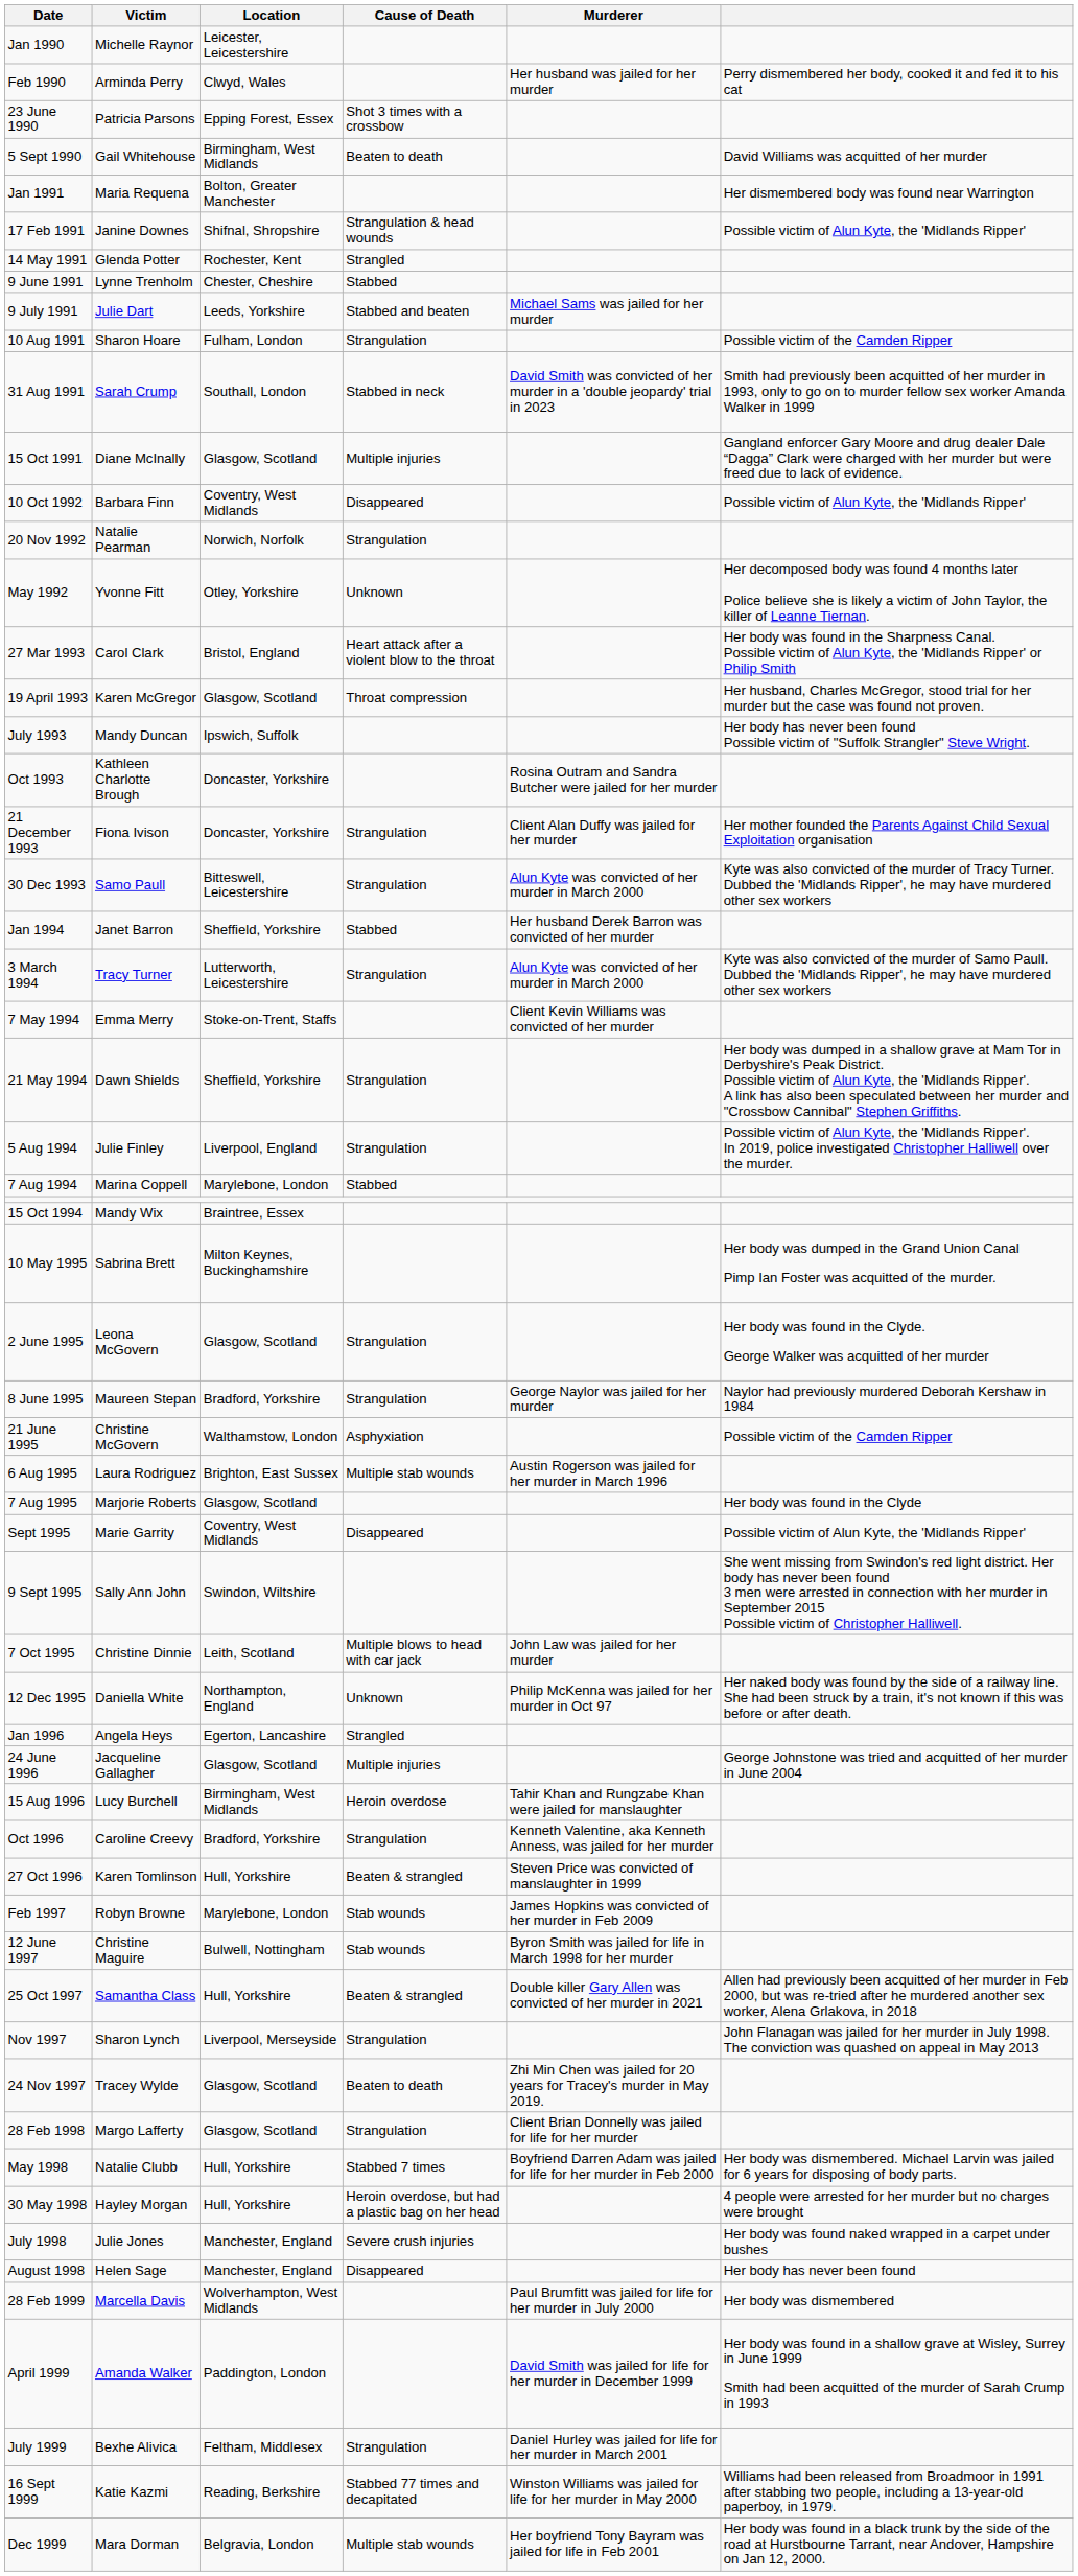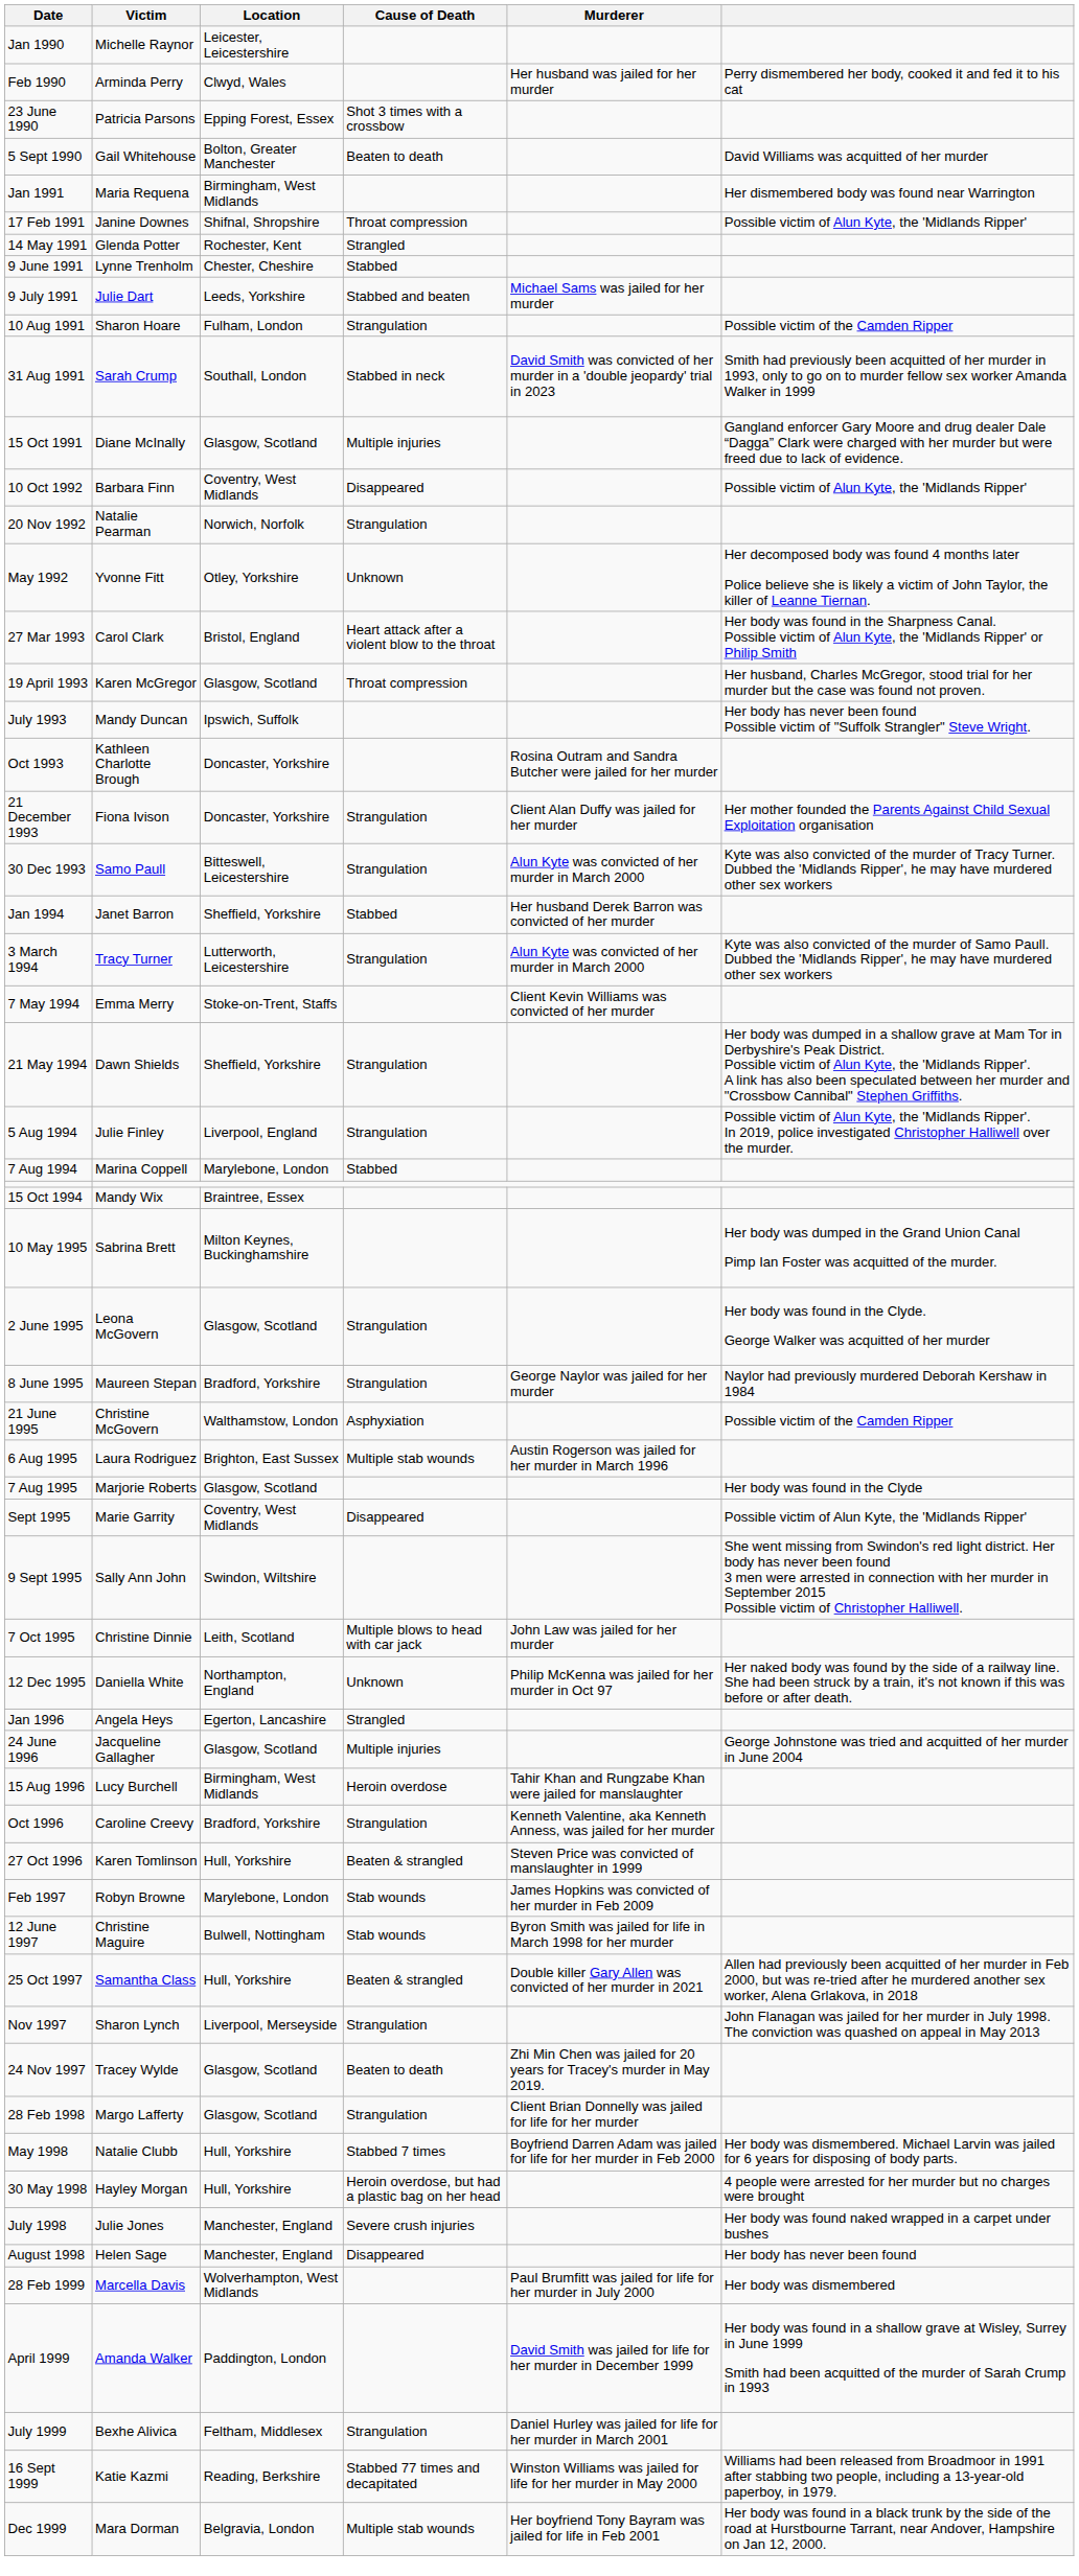 <table class="wikitable">
 <tr>
 <th>Date</th>
 <th>Victim</th>
 <th>Location</th>
 <th>Cause of Death</th>
 <th>Murderer</th>
 <th></th>
 </tr>
 <tr>
 <td>Jan 1990</td>
 <td>Michelle Raynor</td>
 <td>Leicester, Leicestershire</td>
 <td></td>
 <td></td>
 <td></td>
 </tr>
 <tr>
 <td>Feb 1990</td>
 <td>Arminda Perry</td>
 <td>Clwyd, Wales</td>
 <td></td>
 <td>Her husband was jailed for her murder</td>
 <td>Perry dismembered her body, cooked it and fed it to his cat</td>
 </tr>
 <tr>
 <td>23 June 1990</td>
 <td>Patricia Parsons</td>
 <td>Epping Forest, Essex</td>
 <td>Shot 3 times with a crossbow</td>
 <td></td>
 <td></td>
 </tr>
 <tr>
 <td>5 Sept 1990</td>
 <td>Gail Whitehouse</td>
-<td>Birmingham, West Midlands</td>
+<td>Bolton, Greater Manchester</td>
 <td>Beaten to death</td>
 <td></td>
 <td>David Williams was acquitted of her murder</td>
 </tr>
 <tr>
 <td>Jan 1991</td>
 <td>Maria Requena</td>
-<td>Bolton, Greater Manchester</td>
+<td>Birmingham, West Midlands</td>
 <td></td>
 <td></td>
 <td>Her dismembered body was found near Warrington</td>
 </tr>
 <tr>
 <td>17 Feb 1991</td>
 <td>Janine Downes</td>
 <td>Shifnal, Shropshire</td>
-<td>Strangulation & head wounds</td>
+<td>Throat compression</td>
 <td></td>
 <td>Possible victim of <a href='#'>Alun Kyte</a>, the 'Midlands Ripper'</td>
 </tr>
 <tr>
 <td>14 May 1991</td>
 <td>Glenda Potter</td>
 <td>Rochester, Kent</td>
 <td>Strangled</td>
 <td></td>
 <td></td>
 </tr>
 <tr>
 <td>9 June 1991</td>
 <td>Lynne Trenholm</td>
 <td>Chester, Cheshire</td>
 <td>Stabbed</td>
 <td></td>
 <td></td>
 </tr>
 <tr>
 <td>9 July 1991</td>
 <td><a href='#'>Julie Dart</a></td>
 <td>Leeds, Yorkshire</td>
 <td>Stabbed and beaten</td>
 <td><a href='#'>Michael Sams</a> was jailed for her murder</td>
 <td></td>
 </tr>
 <tr>
 <td>10 Aug 1991</td>
 <td>Sharon Hoare</td>
 <td>Fulham, London</td>
 <td>Strangulation</td>
 <td></td>
 <td>Possible victim of the <a href='#'>Camden Ripper</a></td>
 </tr>
 <tr>
 <td>31 Aug 1991</td>
 <td><a href='#'>Sarah Crump</a></td>
 <td>Southall, London</td>
 <td>Stabbed in neck</td>
 <td><a href='#'>David Smith</a> was convicted of her murder in a 'double jeopardy' trial in 2023</td>
 <td><p>Smith had previously been acquitted of her murder in 1993, only to go on to murder fellow sex worker Amanda Walker in 1999</p></td>
 </tr>
 <tr>
 <td>15 Oct 1991</td>
 <td>Diane McInally</td>
 <td>Glasgow, Scotland</td>
 <td>Multiple injuries</td>
 <td></td>
 <td>Gangland enforcer Gary Moore and drug dealer Dale “Dagga” Clark were charged with her murder but were freed due to lack of evidence.</td>
 </tr>
 <tr>
 <td>10 Oct 1992</td>
 <td>Barbara Finn</td>
 <td>Coventry, West Midlands</td>
 <td>Disappeared</td>
 <td></td>
 <td>Possible victim of <a href='#'>Alun Kyte</a>, the 'Midlands Ripper'</td>
 </tr>
 <tr>
 <td>20 Nov 1992</td>
 <td>Natalie Pearman</td>
 <td>Norwich, Norfolk</td>
 <td>Strangulation</td>
 <td></td>
 <td></td>
 </tr>
 <tr>
 <td>May 1992</td>
 <td>Yvonne Fitt</td>
 <td>Otley, Yorkshire</td>
 <td>Unknown</td>
 <td></td>
 <td>Her decomposed body was found 4 months later<br><br>Police believe she is likely a victim of John Taylor, the killer of <a href='#'>Leanne Tiernan</a>.</td>
 </tr>
 <tr>
 <td>27 Mar 1993</td>
 <td>Carol Clark</td>
 <td>Bristol, England</td>
 <td>Heart attack after a violent blow to the throat</td>
 <td></td>
 <td>Her body was found in the Sharpness Canal.<br>Possible victim of <a href='#'>Alun Kyte</a>, the 'Midlands Ripper' or <a href='#'>Philip Smith</a></td>
 </tr>
 <tr>
 <td>19 April 1993</td>
 <td>Karen McGregor</td>
 <td>Glasgow, Scotland</td>
 <td>Throat compression</td>
 <td></td>
 <td>Her husband, Charles McGregor, stood trial for her murder but the case was found not proven.</td>
 </tr>
 <tr>
 <td>July 1993</td>
 <td>Mandy Duncan</td>
 <td>Ipswich, Suffolk</td>
 <td></td>
 <td></td>
 <td>Her body has never been found<br>Possible victim of "Suffolk Strangler" <a href='#'>Steve Wright</a>.</td>
 </tr>
 <tr>
 <td>Oct 1993</td>
 <td>Kathleen Charlotte Brough</td>
 <td>Doncaster, Yorkshire</td>
 <td></td>
 <td>Rosina Outram and Sandra Butcher were jailed for her murder</td>
 <td></td>
 </tr>
 <tr>
 <td>21 December 1993</td>
 <td>Fiona Ivison</td>
 <td>Doncaster, Yorkshire</td>
 <td>Strangulation</td>
 <td>Client Alan Duffy was jailed for her murder</td>
 <td>Her mother founded the <a href='#'>Parents Against Child Sexual Exploitation</a> organisation</td>
 </tr>
 <tr>
 <td>30 Dec 1993</td>
 <td><a href='#'>Samo Paull</a></td>
 <td>Bitteswell, Leicestershire</td>
 <td>Strangulation</td>
 <td><a href='#'>Alun Kyte</a> was convicted of her murder in March 2000</td>
 <td>Kyte was also convicted of the murder of Tracy Turner. Dubbed the 'Midlands Ripper', he may have murdered other sex workers</td>
 </tr>
 <tr>
 <td>Jan 1994</td>
 <td>Janet Barron</td>
 <td>Sheffield, Yorkshire</td>
 <td>Stabbed</td>
 <td>Her husband Derek Barron was convicted of her murder</td>
 <td></td>
 </tr>
 <tr>
 <td>3 March 1994</td>
 <td><a href='#'>Tracy Turner</a></td>
 <td>Lutterworth, Leicestershire</td>
 <td>Strangulation</td>
 <td><a href='#'>Alun Kyte</a> was convicted of her murder in March 2000</td>
 <td>Kyte was also convicted of the murder of Samo Paull. Dubbed the 'Midlands Ripper', he may have murdered other sex workers</td>
 </tr>
 <tr>
 <td>7 May 1994</td>
 <td>Emma Merry</td>
 <td>Stoke-on-Trent, Staffs</td>
 <td></td>
 <td>Client Kevin Williams was convicted of her murder</td>
 <td></td>
 </tr>
 <tr>
 <td>21 May 1994</td>
 <td>Dawn Shields</td>
 <td>Sheffield, Yorkshire</td>
 <td>Strangulation</td>
 <td></td>
 <td>Her body was dumped in a shallow grave at Mam Tor in Derbyshire's Peak District.<br>Possible victim of <a href='#'>Alun Kyte</a>, the 'Midlands Ripper'.<br> A link has also been speculated between her murder and "Crossbow Cannibal" <a href='#'>Stephen Griffiths</a>.<br></td>
 </tr>
 <tr>
 <td>5 Aug 1994</td>
 <td>Julie Finley</td>
 <td>Liverpool, England</td>
 <td>Strangulation</td>
 <td></td>
 <td>Possible victim of <a href='#'>Alun Kyte</a>, the 'Midlands Ripper'.<br>In 2019, police investigated <a href='#'>Christopher Halliwell</a> over the murder.</td>
 </tr>
 <tr>
 <td>7 Aug 1994</td>
 <td>Marina Coppell</td>
 <td>Marylebone, London</td>
 <td>Stabbed</td>
 <td></td>
 <td></td>
 </tr>
 <tr>
 <td></td>
 </tr>
 <tr>
 <td>15 Oct 1994</td>
 <td>Mandy Wix</td>
 <td>Braintree, Essex</td>
 <td></td>
 <td></td>
 <td></td>
 </tr>
 <tr>
 <td>10 May 1995</td>
 <td>Sabrina Brett</td>
 <td>Milton Keynes, Buckinghamshire</td>
 <td></td>
 <td></td>
 <td><p>Her body was dumped in the Grand Union Canal</p><p>Pimp Ian Foster was acquitted of the murder.</p></td>
 </tr>
 <tr>
 <td>2 June 1995</td>
 <td>Leona McGovern</td>
 <td>Glasgow, Scotland</td>
 <td>Strangulation</td>
 <td></td>
 <td><p>Her body was found in the Clyde.</p><p>George Walker was acquitted of her murder </p></td>
 </tr>
 <tr>
 <td>8 June 1995</td>
 <td>Maureen Stepan</td>
 <td>Bradford, Yorkshire</td>
 <td>Strangulation</td>
 <td>George Naylor was jailed for her murder</td>
 <td>Naylor had previously murdered Deborah Kershaw in 1984</td>
 </tr>
 <tr>
 <td>21 June 1995</td>
 <td>Christine McGovern</td>
 <td>Walthamstow, London</td>
 <td>Asphyxiation</td>
 <td></td>
 <td>Possible victim of the <a href='#'>Camden Ripper</a></td>
 </tr>
 <tr>
 <td>6 Aug 1995</td>
 <td>Laura Rodriguez</td>
 <td>Brighton, East Sussex</td>
 <td>Multiple stab wounds</td>
 <td>Austin Rogerson was jailed for her murder in March 1996</td>
 <td></td>
 </tr>
 <tr>
 <td>7 Aug 1995</td>
 <td>Marjorie Roberts</td>
 <td>Glasgow, Scotland</td>
 <td></td>
 <td></td>
 <td>Her body was found in the Clyde</td>
 </tr>
 <tr>
 <td>Sept 1995</td>
 <td>Marie Garrity</td>
 <td>Coventry, West Midlands</td>
 <td>Disappeared</td>
 <td></td>
 <td>Possible victim of Alun Kyte, the 'Midlands Ripper'</td>
 </tr>
 <tr>
 <td>9 Sept 1995</td>
 <td>Sally Ann John</td>
 <td>Swindon, Wiltshire</td>
 <td></td>
 <td></td>
 <td>She went missing from Swindon's red light district. Her body has never been found<br>3 men were arrested in connection with her murder in September 2015<br>Possible victim of <a href='#'>Christopher Halliwell</a>.</td>
 </tr>
 <tr>
 <td>7 Oct 1995</td>
 <td>Christine Dinnie</td>
 <td>Leith, Scotland</td>
 <td>Multiple blows to head with car jack</td>
 <td>John Law was jailed for her murder</td>
 <td></td>
 </tr>
 <tr>
 <td>12 Dec 1995</td>
 <td>Daniella White</td>
 <td>Northampton, England</td>
 <td>Unknown</td>
 <td>Philip McKenna was jailed for her murder in Oct 97</td>
 <td>Her naked body was found by the side of a railway line. She had been struck by a train, it's not known if this was before or after death.</td>
 </tr>
 <tr>
 <td>Jan 1996</td>
 <td>Angela Heys</td>
 <td>Egerton, Lancashire</td>
 <td>Strangled</td>
 <td></td>
 <td></td>
 </tr>
 <tr>
 <td>24 June 1996</td>
 <td>Jacqueline Gallagher</td>
 <td>Glasgow, Scotland</td>
 <td>Multiple injuries</td>
 <td></td>
 <td>George Johnstone was tried and acquitted of her murder in June 2004</td>
 </tr>
 <tr>
 <td>15 Aug 1996</td>
 <td>Lucy Burchell</td>
 <td>Birmingham, West Midlands</td>
 <td>Heroin overdose</td>
 <td>Tahir Khan and Rungzabe Khan were jailed for manslaughter</td>
 <td></td>
 </tr>
 <tr>
 <td>Oct 1996</td>
 <td>Caroline Creevy</td>
 <td>Bradford, Yorkshire</td>
 <td>Strangulation</td>
 <td>Kenneth Valentine, aka Kenneth Anness, was jailed for her murder</td>
 <td></td>
 </tr>
 <tr>
 <td>27 Oct 1996</td>
 <td>Karen Tomlinson</td>
 <td>Hull, Yorkshire</td>
 <td>Beaten & strangled</td>
 <td>Steven Price was convicted of manslaughter in 1999</td>
 <td></td>
 </tr>
 <tr>
 <td>Feb 1997</td>
 <td>Robyn Browne</td>
 <td>Marylebone, London</td>
 <td>Stab wounds</td>
 <td>James Hopkins was convicted of her murder in Feb 2009</td>
 <td></td>
 </tr>
 <tr>
 <td>12 June 1997</td>
 <td>Christine Maguire</td>
 <td>Bulwell, Nottingham</td>
 <td>Stab wounds</td>
 <td>Byron Smith was jailed for life in March 1998 for her murder</td>
 <td></td>
 </tr>
 <tr>
 <td>25 Oct 1997</td>
 <td><a href='#'>Samantha Class</a></td>
 <td>Hull, Yorkshire</td>
 <td>Beaten & strangled</td>
 <td>Double killer <a href='#'>Gary Allen</a> was convicted of her murder in 2021</td>
 <td>Allen had previously been acquitted of her murder in Feb 2000, but was re-tried after he murdered another sex worker, Alena Grlakova, in 2018</td>
 </tr>
 <tr>
 <td>Nov 1997</td>
 <td>Sharon Lynch</td>
 <td>Liverpool, Merseyside</td>
 <td>Strangulation</td>
 <td></td>
 <td>John Flanagan was jailed for her murder in July 1998. The conviction was quashed on appeal in May 2013</td>
 </tr>
 <tr>
 <td>24 Nov 1997</td>
 <td>Tracey Wylde</td>
 <td>Glasgow, Scotland</td>
 <td>Beaten to death</td>
 <td>Zhi Min Chen was jailed for 20 years for Tracey's murder in May 2019.</td>
 <td></td>
 </tr>
 <tr>
 <td>28 Feb 1998</td>
 <td>Margo Lafferty</td>
 <td>Glasgow, Scotland</td>
 <td>Strangulation</td>
 <td>Client Brian Donnelly was jailed for life for her murder</td>
 <td></td>
 </tr>
 <tr>
 <td>May 1998</td>
 <td>Natalie Clubb</td>
 <td>Hull, Yorkshire</td>
 <td>Stabbed 7 times</td>
 <td>Boyfriend Darren Adam was jailed for life for her murder in Feb 2000</td>
 <td>Her body was dismembered. Michael Larvin was jailed for 6 years for disposing of body parts.</td>
 </tr>
 <tr>
 <td>30 May 1998</td>
 <td>Hayley Morgan</td>
 <td>Hull, Yorkshire</td>
 <td>Heroin overdose, but had a plastic bag on her head</td>
 <td></td>
 <td>4 people were arrested for her murder but no charges were brought</td>
 </tr>
 <tr>
 <td>July 1998</td>
 <td>Julie Jones</td>
 <td>Manchester, England</td>
 <td>Severe crush injuries</td>
 <td></td>
 <td>Her body was found naked wrapped in a carpet under bushes</td>
 </tr>
 <tr>
 <td>August 1998</td>
 <td>Helen Sage</td>
 <td>Manchester, England</td>
 <td>Disappeared</td>
 <td></td>
 <td>Her body has never been found</td>
 </tr>
 <tr>
 <td>28 Feb 1999</td>
 <td><a href='#'>Marcella Davis</a></td>
 <td>Wolverhampton, West Midlands</td>
 <td></td>
 <td>Paul Brumfitt was jailed for life for her murder in July 2000</td>
 <td>Her body was dismembered</td>
 </tr>
 <tr>
 <td>April 1999</td>
 <td><a href='#'>Amanda Walker</a></td>
 <td>Paddington, London</td>
 <td></td>
 <td><a href='#'>David Smith</a> was jailed for life for her murder in December 1999</td>
 <td><p>Her body was found in a shallow grave at Wisley, Surrey in June 1999</p><p>Smith had been acquitted of the murder of Sarah Crump in 1993</p></td>
 </tr>
 <tr>
 <td>July 1999</td>
 <td>Bexhe Alivica</td>
 <td>Feltham, Middlesex</td>
 <td>Strangulation</td>
 <td>Daniel Hurley was jailed for life for her murder in March 2001</td>
 <td></td>
 </tr>
 <tr>
 <td>16 Sept 1999</td>
 <td>Katie Kazmi</td>
 <td>Reading, Berkshire</td>
 <td>Stabbed 77 times and decapitated</td>
 <td>Winston Williams was jailed for life for her murder in May 2000</td>
 <td>Williams had been released from Broadmoor in 1991 after stabbing two people, including a 13-year-old paperboy, in 1979.</td>
 </tr>
 <tr>
 <td>Dec 1999</td>
 <td>Mara Dorman</td>
 <td>Belgravia, London</td>
 <td>Multiple stab wounds</td>
 <td>Her boyfriend Tony Bayram was jailed for life in Feb 2001</td>
 <td>Her body was found in a black trunk by the side of the road at Hurstbourne Tarrant, near Andover, Hampshire on Jan 12, 2000.</td>
 </tr>
 </table>
